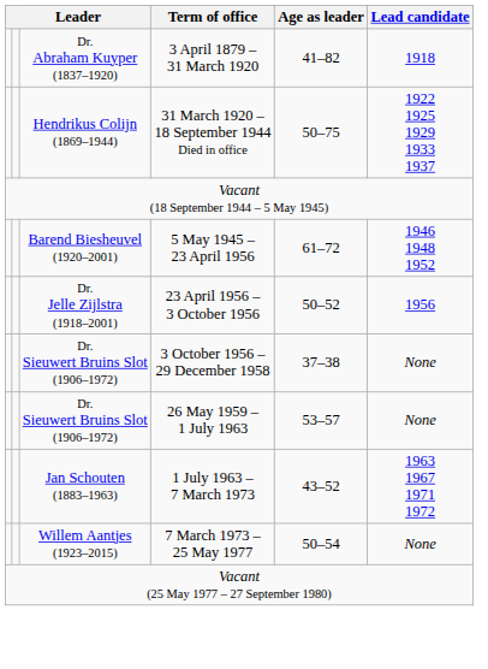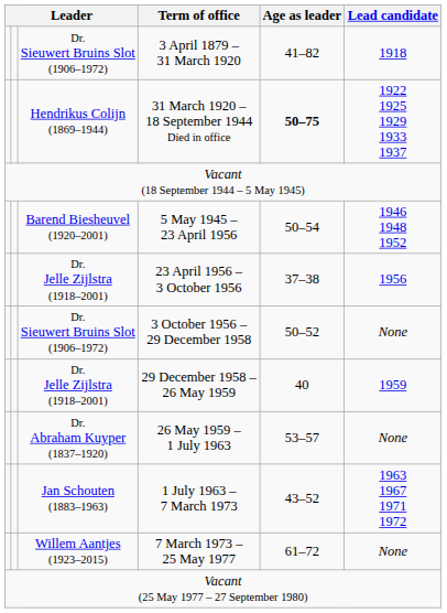 <table class="wikitable" style="text-align:center">
 <tr>
 <th colspan=3>Leader</th>
 <th>Term of office</th>
 <th>Age as leader</th>
 <th><a href='#'>Lead candidate</a></th>
 </tr>
 <tr>
 <td style="background:"></td>
 <td></td>
-<td><small>Dr.</small> <br> <a href='#'>Abraham Kuyper</a> <br> <small>(1837–1920)</small></td>
+<td><small>Dr.</small> <br> <a href='#'>Sieuwert Bruins Slot</a> <br> <small>(1906–1972)</small></td>
 <td>3 April 1879 – <br> 31 March 1920 <br></td>
 <td>41–82</td>
 <td><a href='#'>1918</a></td>
 </tr>
 <tr>
 <td style="background:"></td>
 <td></td>
 <td><a href='#'>Hendrikus Colijn</a> <br> <small>(1869–1944)</small></td>
 <td>31 March 1920 – <br> 18 September 1944 <br> <small>Died in office</small> <br></td>
-<td>50–75</td>
+<td><strong>50–75</strong></td>
 <td><a href='#'>1922</a> <br> <a href='#'>1925</a> <br> <a href='#'>1929</a> <br> <a href='#'>1933</a> <br> <a href='#'>1937</a></td>
 </tr>
 <tr>
 <td colspan=6><em>Vacant</em> <br> <small>(18 September 1944 – 5 May 1945)</small></td>
 </tr>
 <tr>
 <td style="background:"></td>
 <td></td>
 <td><a href='#'>Barend Biesheuvel</a> <br> <small>(1920–2001)</small></td>
 <td>5 May 1945 – <br> 23 April 1956 <br></td>
-<td>61–72</td>
+<td>50–54</td>
 <td><a href='#'>1946</a> <br> <a href='#'>1948</a> <br> <a href='#'>1952</a></td>
 </tr>
 <tr>
 <td style="background:"></td>
 <td></td>
 <td><small>Dr.</small> <br> <a href='#'>Jelle Zijlstra</a> <br> <small>(1918–2001)</small></td>
 <td>23 April 1956 – <br> 3 October 1956 <br></td>
-<td>50–52</td>
+<td>37–38</td>
 <td><a href='#'>1956</a></td>
 </tr>
 <tr>
 <td style="background:"></td>
 <td></td>
 <td><small>Dr.</small> <br> <a href='#'>Sieuwert Bruins Slot</a> <br> <small>(1906–1972)</small></td>
 <td>3 October 1956 – <br> 29 December 1958 <br></td>
-<td>37–38</td>
+<td>50–52</td>
 <td><em>None</em></td>
 </tr>
 <tr>
 <td style="background:"></td>
 <td></td>
-<td><small>Dr.</small> <br> <a href='#'>Sieuwert Bruins Slot</a> <br> <small>(1906–1972)</small></td>
+<td><small>Dr.</small> <br> <a href='#'>Jelle Zijlstra</a> <br> <small>(1918–2001)</small></td>
+<td>29 December 1958 – <br> 26 May 1959 <br></td>
+<td>40</td>
+<td><a href='#'>1959</a></td>
+</tr>
+<tr>
+<td style="background:"></td>
+<td></td>
+<td><small>Dr.</small> <br> <a href='#'>Abraham Kuyper</a> <br> <small>(1837–1920)</small></td>
 <td>26 May 1959 – <br> 1 July 1963 <br></td>
 <td>53–57</td>
 <td><em>None</em></td>
 </tr>
 <tr>
 <td style="background:"></td>
 <td></td>
 <td><a href='#'>Jan Schouten</a> <br> <small>(1883–1963)</small></td>
 <td>1 July 1963 – <br> 7 March 1973 <br></td>
 <td>43–52</td>
 <td><a href='#'>1963</a> <br> <a href='#'>1967</a> <br> <a href='#'>1971</a> <br> <a href='#'>1972</a></td>
 </tr>
 <tr>
 <td style="background:"></td>
 <td></td>
 <td><a href='#'>Willem Aantjes</a> <br> <small>(1923–2015)</small></td>
 <td>7 March 1973 – <br> 25 May 1977 <br></td>
-<td>50–54</td>
+<td>61–72</td>
 <td><em>None</em></td>
 </tr>
 <tr>
 <td colspan=6><em>Vacant</em> <br> <small>(25 May 1977 – 27 September 1980)</small></td>
 </tr>
 </table>
